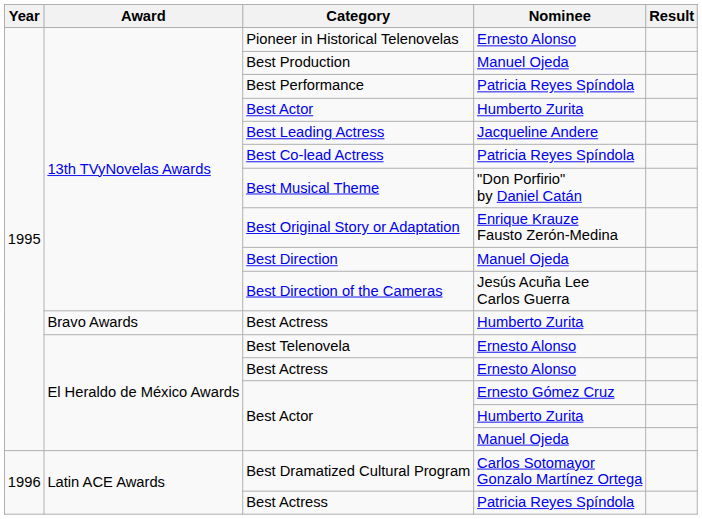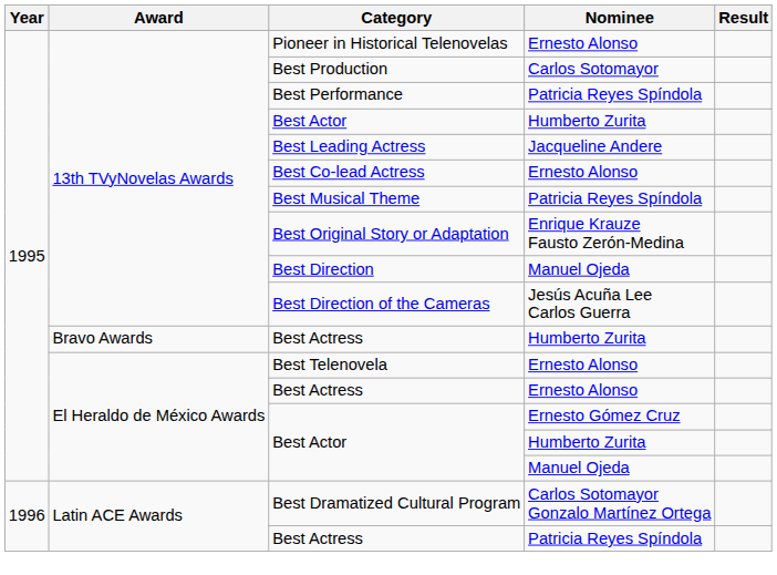 <table class="wikitable">
 <tr style="background:#b0c4de;">
 <th>Year</th>
 <th>Award</th>
 <th>Category</th>
 <th>Nominee</th>
 <th>Result</th>
 </tr>
 <tr>
 <td rowspan=16>1995</td>
 <td rowspan=10><a href='#'>13th TVyNovelas Awards</a></td>
 <td>Pioneer in Historical Telenovelas</td>
 <td><a href='#'>Ernesto Alonso</a></td>
 <td></td>
 </tr>
 <tr>
 <td>Best Production</td>
-<td><a href='#'>Manuel Ojeda</a></td>
+<td><a href='#'>Carlos Sotomayor</a></td>
 <td></td>
 </tr>
 <tr>
 <td>Best Performance</td>
 <td><a href='#'>Patricia Reyes Spíndola</a></td>
 <td></td>
 </tr>
 <tr>
 <td><a href='#'>Best Actor</a></td>
 <td><a href='#'>Humberto Zurita</a></td>
 <td></td>
 </tr>
 <tr>
 <td><a href='#'>Best Leading Actress</a></td>
 <td><a href='#'>Jacqueline Andere</a></td>
 <td></td>
 </tr>
 <tr>
 <td><a href='#'>Best Co-lead Actress</a></td>
-<td><a href='#'>Patricia Reyes Spíndola</a></td>
+<td><a href='#'>Ernesto Alonso</a></td>
 <td></td>
 </tr>
 <tr>
 <td><a href='#'>Best Musical Theme</a></td>
-<td>"Don Porfirio" <br> by <a href='#'>Daniel Catán</a></td>
+<td><a href='#'>Patricia Reyes Spíndola</a></td>
 <td></td>
 </tr>
 <tr>
 <td><a href='#'>Best Original Story or Adaptation</a></td>
 <td><a href='#'>Enrique Krauze</a> <br> Fausto Zerón-Medina</td>
 <td></td>
 </tr>
 <tr>
 <td><a href='#'>Best Direction</a></td>
 <td><a href='#'>Manuel Ojeda</a></td>
 <td></td>
 </tr>
 <tr>
 <td><a href='#'>Best Direction of the Cameras</a></td>
 <td>Jesús Acuña Lee <br> Carlos Guerra</td>
 <td></td>
 </tr>
 <tr>
 <td>Bravo Awards</td>
 <td>Best Actress</td>
 <td><a href='#'>Humberto Zurita</a></td>
 <td></td>
 </tr>
 <tr>
 <td rowspan=5>El Heraldo de México Awards</td>
 <td>Best Telenovela</td>
 <td><a href='#'>Ernesto Alonso</a></td>
 <td></td>
 </tr>
 <tr>
 <td>Best Actress</td>
 <td><a href='#'>Ernesto Alonso</a></td>
 <td></td>
 </tr>
 <tr>
 <td rowspan=3>Best Actor</td>
 <td><a href='#'>Ernesto Gómez Cruz</a></td>
 <td></td>
 </tr>
 <tr>
 <td><a href='#'>Humberto Zurita</a></td>
 <td></td>
 </tr>
 <tr>
 <td><a href='#'>Manuel Ojeda</a></td>
 <td></td>
 </tr>
 <tr>
 <td rowspan=2>1996</td>
 <td rowspan=2>Latin ACE Awards</td>
 <td>Best Dramatized Cultural Program</td>
 <td><a href='#'>Carlos Sotomayor</a> <br> <a href='#'>Gonzalo Martínez Ortega</a></td>
 <td></td>
 </tr>
 <tr>
 <td>Best Actress</td>
 <td><a href='#'>Patricia Reyes Spíndola</a></td>
 <td></td>
 </tr>
 </table>
